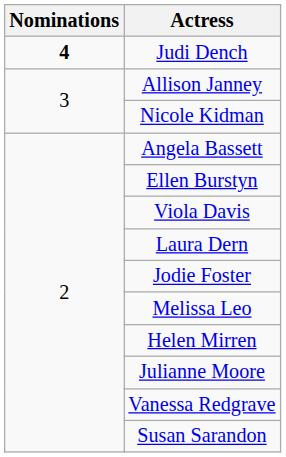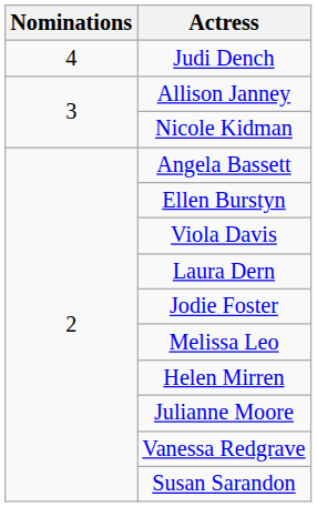 <table class="wikitable" style="text-align: center">
 <tr>
 <th scope="col" width="55">Nominations</th>
 <th scope="col" align="center">Actress</th>
 </tr>
 <tr>
-<td rowspan=1 style="text-align:center"><strong>4</strong></td>
+<td rowspan=1 style="text-align:center">4</td>
 <td><a href='#'>Judi Dench</a></td>
 </tr>
 <tr>
 <td rowspan=2 style="text-align:center">3</td>
 <td><a href='#'>Allison Janney</a></td>
 </tr>
 <tr>
 <td><a href='#'>Nicole Kidman</a></td>
 </tr>
 <tr>
 <td rowspan=10 style="text-align:center">2</td>
 <td><a href='#'>Angela Bassett</a></td>
 </tr>
 <tr>
 <td><a href='#'>Ellen Burstyn</a></td>
 </tr>
 <tr>
 <td><a href='#'>Viola Davis</a></td>
 </tr>
 <tr>
 <td><a href='#'>Laura Dern</a></td>
 </tr>
 <tr>
 <td><a href='#'>Jodie Foster</a></td>
 </tr>
 <tr>
 <td><a href='#'>Melissa Leo</a></td>
 </tr>
 <tr>
 <td><a href='#'>Helen Mirren</a></td>
 </tr>
 <tr>
 <td><a href='#'>Julianne Moore</a></td>
 </tr>
 <tr>
 <td><a href='#'>Vanessa Redgrave</a></td>
 </tr>
 <tr>
 <td><a href='#'>Susan Sarandon</a></td>
 </tr>
 </table>
